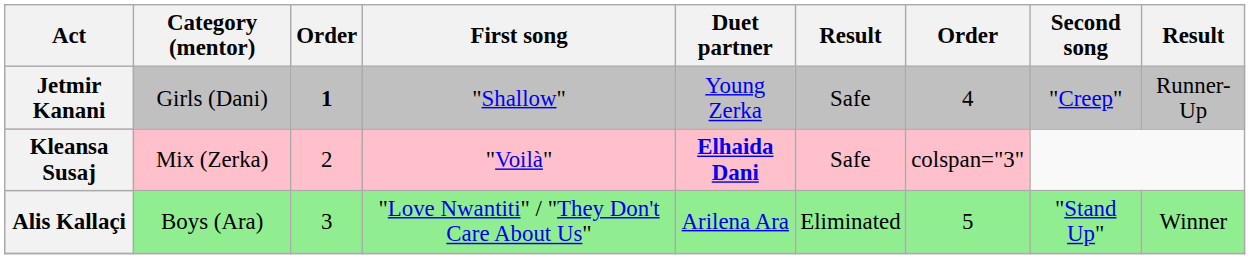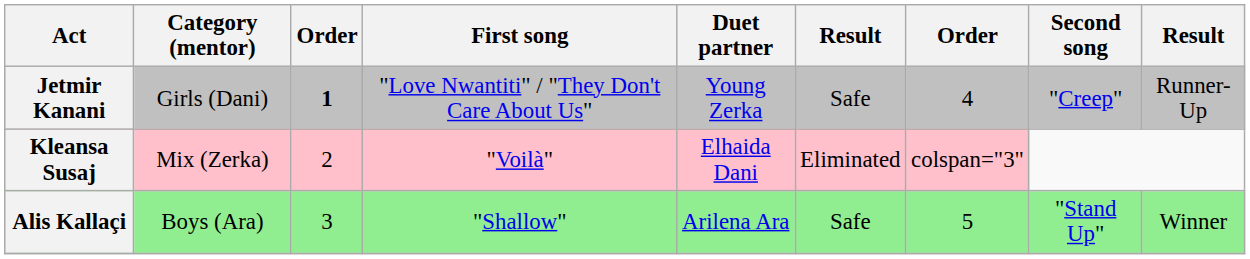 <table class="wikitable plainrowheaders" style="text-align:center;">
 <tr>
 <th scope="col">Act</th>
 <th scope="col">Category (mentor)</th>
 <th scope="col">Order</th>
 <th scope="col">First song</th>
 <th scope="col">Duet partner</th>
 <th scope="col">Result</th>
 <th scope="col">Order</th>
 <th scope="col">Second song</th>
 <th scope="col">Result</th>
 </tr>
 <tr style="background:silver;">
 <th scope="row">Jetmir Kanani</th>
 <td>Girls (Dani)</td>
 <td><strong>1</strong></td>
-<td>"<a href='#'>Shallow</a>"</td>
+<td>"<a href='#'>Love Nwantiti</a>" / "<a href='#'>They Don't Care About Us</a>"</td>
 <td><a href='#'>Young Zerka</a></td>
 <td>Safe</td>
 <td>4</td>
 <td>"<a href='#'>Creep</a>"</td>
 <td>Runner-Up</td>
 </tr>
 <tr style="background:pink;">
 <th scope="row">Kleansa Susaj</th>
 <td>Mix (Zerka)</td>
 <td>2</td>
 <td>"<a href='#'>Voilà</a>"</td>
-<td><strong><a href='#'>Elhaida Dani</a></strong></td>
-<td>Safe</td>
+<td><a href='#'>Elhaida Dani</a></td>
+<td>Eliminated</td>
 <td>colspan="3" </td>
 </tr>
 <tr style="background:lightgreen;">
 <th scope="row">Alis Kallaçi</th>
 <td>Boys (Ara)</td>
 <td>3</td>
-<td>"<a href='#'>Love Nwantiti</a>" / "<a href='#'>They Don't Care About Us</a>"</td>
+<td>"<a href='#'>Shallow</a>"</td>
 <td><a href='#'>Arilena Ara</a></td>
-<td>Eliminated</td>
+<td>Safe</td>
 <td>5</td>
 <td>"<a href='#'>Stand Up</a>"</td>
 <td>Winner</td>
 </tr>
 <tr>
 </tr>
 </table>
